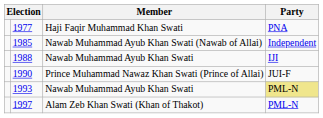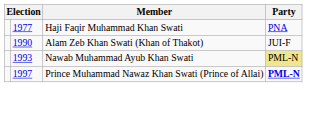 <table class="wikitable">
 <tr>
 <th colspan="2">Election</th>
 <th>Member</th>
 <th>Party</th>
 </tr>
 <tr>
 <td style="background-color: "></td>
 <td><a href='#'>1977</a></td>
 <td>Haji Faqir Muhammad Khan Swati</td>
 <td><a href='#'>PNA</a></td>
 </tr>
 <tr>
 <td style="background-color: "></td>
-<td><a href='#'>1985</a></td>
-<td>Nawab Muhammad Ayub Khan Swati (Nawab of Allai)</td>
-<td><a href='#'>Independent</a></td>
-</tr>
-<tr>
-<td style="background-color: "></td>
-<td><a href='#'>1988</a></td>
-<td>Nawab Muhammad Ayub Khan Swati</td>
-<td><a href='#'>IJI</a></td>
-</tr>
-<tr>
-<td style="background-color: "></td>
 <td><a href='#'>1990</a></td>
-<td>Prince Muhammad Nawaz Khan Swati (Prince of Allai)</td>
+<td>Alam Zeb Khan Swati (Khan of Thakot)</td>
 <td>JUI-F</td>
 </tr>
 <tr>
 <td style="background-color: "></td>
 <td><a href='#'>1993</a></td>
 <td>Nawab Muhammad Ayub Khan Swati</td>
 <td style="background: khaki;">PML-N</td>
 </tr>
 <tr>
 <td style="background-color: "></td>
 <td><a href='#'>1997</a></td>
-<td>Alam Zeb Khan Swati (Khan of Thakot)</td>
-<td><a href='#'>PML-N</a></td>
+<td>Prince Muhammad Nawaz Khan Swati (Prince of Allai)</td>
+<td><strong><a href='#'>PML-N</a></strong></td>
 </tr>
 </table>
